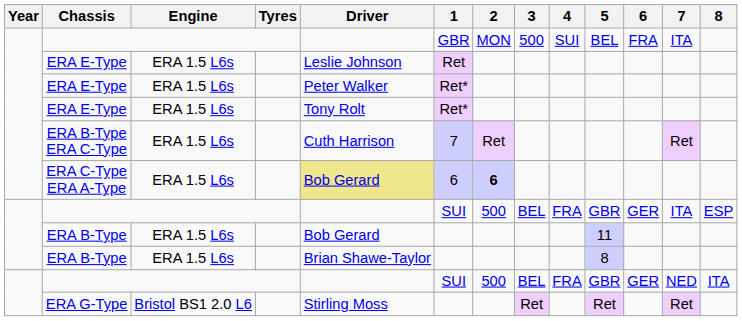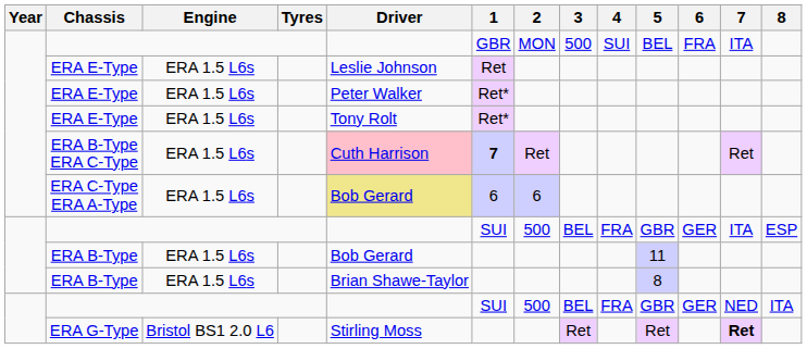 <table class="wikitable" style="text-align:center; font-size:90%">
 <tr>
 <th>Year</th>
 <th>Chassis</th>
 <th>Engine</th>
 <th>Tyres</th>
 <th>Driver</th>
 <th>1</th>
 <th>2</th>
 <th>3</th>
 <th>4</th>
 <th>5</th>
 <th>6</th>
 <th>7</th>
 <th>8</th>
 </tr>
 <tr>
 <td rowspan="6"></td>
 <td colspan="3"></td>
 <td></td>
 <td><a href='#'>GBR</a></td>
 <td><a href='#'>MON</a></td>
 <td><a href='#'>500</a></td>
 <td><a href='#'>SUI</a></td>
 <td><a href='#'>BEL</a></td>
 <td><a href='#'>FRA</a></td>
 <td><a href='#'>ITA</a></td>
 <td></td>
 </tr>
 <tr>
 <td><a href='#'>ERA E-Type</a></td>
 <td>ERA 1.5 <a href='#'>L6</a><a href='#'>s</a></td>
 <td></td>
 <td align="left"> <a href='#'>Leslie Johnson</a></td>
 <td style="background:#efcfff;">Ret</td>
 <td></td>
 <td></td>
 <td></td>
 <td></td>
 <td></td>
 <td></td>
 <td></td>
 </tr>
 <tr>
 <td><a href='#'>ERA E-Type</a></td>
 <td>ERA  1.5 <a href='#'>L6</a><a href='#'>s</a></td>
 <td></td>
 <td align="left"> <a href='#'>Peter Walker</a></td>
 <td style="background:#efcfff;">Ret*</td>
 <td></td>
 <td></td>
 <td></td>
 <td></td>
 <td></td>
 <td></td>
 <td></td>
 </tr>
 <tr>
 <td><a href='#'>ERA E-Type</a></td>
 <td>ERA  1.5 <a href='#'>L6</a><a href='#'>s</a></td>
 <td></td>
 <td align="left"> <a href='#'>Tony Rolt</a></td>
 <td style="background:#efcfff;">Ret*</td>
 <td></td>
 <td></td>
 <td></td>
 <td></td>
 <td></td>
 <td></td>
 <td></td>
 </tr>
 <tr>
 <td><a href='#'>ERA B-Type</a><br> <a href='#'>ERA C-Type</a></td>
 <td>ERA  1.5 <a href='#'>L6</a><a href='#'>s</a></td>
 <td></td>
-<td align="left"> <a href='#'>Cuth Harrison</a></td>
-<td style="background:#cfcfff;">7</td>
+<td align="left" style="background: pink;"> <a href='#'>Cuth Harrison</a></td>
+<td style="background:#cfcfff;"><strong>7</strong></td>
 <td style="background:#efcfff;">Ret</td>
 <td></td>
 <td></td>
 <td></td>
 <td></td>
 <td style="background:#efcfff;">Ret</td>
 <td></td>
 </tr>
 <tr>
 <td><a href='#'>ERA C-Type</a><br> <a href='#'>ERA A-Type</a></td>
 <td>ERA  1.5 <a href='#'>L6</a><a href='#'>s</a></td>
 <td></td>
 <td align="left" style="background: khaki;"> <a href='#'>Bob Gerard</a></td>
 <td style="background:#cfcfff;">6</td>
-<td style="background:#cfcfff;"><strong>6</strong></td>
+<td style="background:#cfcfff;">6</td>
 <td></td>
 <td></td>
 <td></td>
 <td></td>
 <td></td>
 <td></td>
 </tr>
 <tr>
 <td rowspan="3"></td>
 <td colspan="3"></td>
 <td></td>
 <td><a href='#'>SUI</a></td>
 <td><a href='#'>500</a></td>
 <td><a href='#'>BEL</a></td>
 <td><a href='#'>FRA</a></td>
 <td><a href='#'>GBR</a></td>
 <td><a href='#'>GER</a></td>
 <td><a href='#'>ITA</a></td>
 <td><a href='#'>ESP</a></td>
 </tr>
 <tr>
 <td><a href='#'>ERA B-Type</a></td>
 <td>ERA 1.5 <a href='#'>L6</a><a href='#'>s</a></td>
 <td></td>
 <td align="left"> <a href='#'>Bob Gerard</a></td>
 <td></td>
 <td></td>
 <td></td>
 <td></td>
 <td style="background:#cfcfff;">11</td>
 <td></td>
 <td></td>
 <td></td>
 </tr>
 <tr>
 <td><a href='#'>ERA B-Type</a></td>
 <td>ERA 1.5 <a href='#'>L6</a><a href='#'>s</a></td>
 <td></td>
 <td align="left"> <a href='#'>Brian Shawe-Taylor</a></td>
 <td></td>
 <td></td>
 <td></td>
 <td></td>
 <td style="background:#cfcfff;">8</td>
 <td></td>
 <td></td>
 <td></td>
 </tr>
 <tr>
 <td rowspan="2"></td>
 <td colspan="3"></td>
 <td></td>
 <td><a href='#'>SUI</a></td>
 <td><a href='#'>500</a></td>
 <td><a href='#'>BEL</a></td>
 <td><a href='#'>FRA</a></td>
 <td><a href='#'>GBR</a></td>
 <td><a href='#'>GER</a></td>
 <td><a href='#'>NED</a></td>
 <td><a href='#'>ITA</a></td>
 </tr>
 <tr>
 <td><a href='#'>ERA G-Type</a></td>
 <td><a href='#'>Bristol</a> BS1 2.0 <a href='#'>L6</a></td>
 <td></td>
 <td align="left"> <a href='#'>Stirling Moss</a></td>
 <td></td>
 <td></td>
 <td style="background:#efcfff;">Ret</td>
 <td></td>
 <td style="background:#efcfff;">Ret</td>
 <td></td>
-<td style="background:#efcfff;">Ret</td>
+<td style="background:#efcfff;"><strong>Ret</strong></td>
 <td></td>
 </tr>
 </table>
